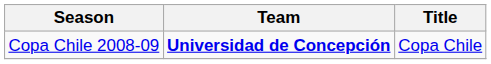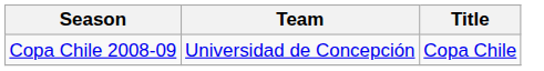 <table class="wikitable">
 <tr>
 <th>Season</th>
 <th>Team</th>
 <th>Title</th>
 </tr>
 <tr>
 <td><a href='#'>Copa Chile 2008-09</a></td>
-<td><strong><a href='#'>Universidad de Concepción</a></strong></td>
+<td><a href='#'>Universidad de Concepción</a></td>
 <td><a href='#'>Copa Chile</a></td>
 </tr>
 <tr>
 </tr>
 </table>
